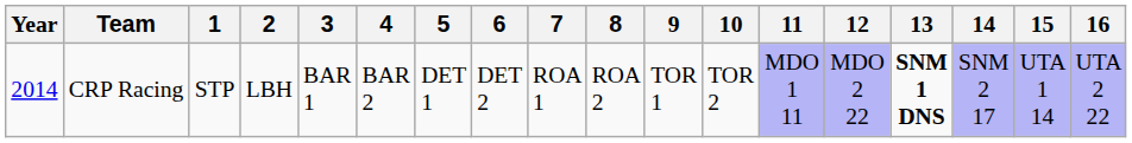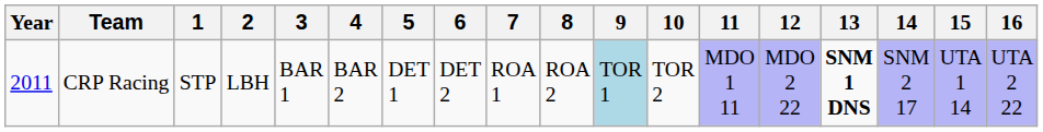 <table class="wikitable" style="font-size: 85%;">
 <tr>
 <th>Year</th>
 <th style="font-family:Arial, Helvetica, sans-serif !important;">Team</th>
 <th style="font-family:Arial, Helvetica, sans-serif !important;">1</th>
 <th style="font-family:Arial, Helvetica, sans-serif !important;">2</th>
 <th style="font-family:Arial, Helvetica, sans-serif !important;">3</th>
 <th style="font-family:Arial, Helvetica, sans-serif !important;">4</th>
 <th style="font-family:Arial, Helvetica, sans-serif !important;">5</th>
 <th style="font-family:Arial, Helvetica, sans-serif !important;">6</th>
 <th style="font-family:Arial, Helvetica, sans-serif !important;">7</th>
 <th style="font-family:Arial, Helvetica, sans-serif !important;">8</th>
 <th>9</th>
 <th>10</th>
 <th>11</th>
 <th>12</th>
 <th>13</th>
 <th>14</th>
 <th>15</th>
 <th>16</th>
 </tr>
 <tr>
-<td><a href='#'>2014</a></td>
+<td><a href='#'>2011</a></td>
 <td nowrap>CRP Racing</td>
 <td>STP</td>
 <td>LBH</td>
 <td>BAR 1</td>
 <td>BAR 2</td>
 <td>DET 1</td>
 <td>DET 2</td>
 <td>ROA 1</td>
 <td>ROA 2</td>
-<td>TOR 1</td>
+<td style="background: lightblue;">TOR 1</td>
 <td>TOR 2</td>
 <td style="text-align:center; background-color:#b5b4f6;">MDO 1<br>11</td>
 <td style="text-align:center; background-color:#b5b4f6;">MDO 2<br>22</td>
 <td style="text-align:center;"><strong>SNM 1<br>DNS</strong></td>
 <td style="text-align:center; background-color:#b5b4f6;">SNM 2<br>17</td>
 <td style="text-align:center; background-color:#b5b4f6;">UTA 1<br>14</td>
 <td style="text-align:center; background-color:#b5b4f6;">UTA 2<br>22</td>
 </tr>
 </table>
